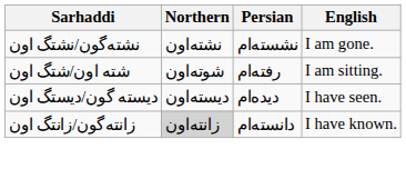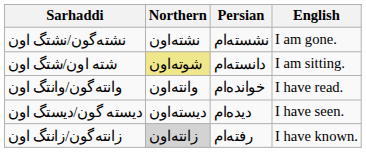 <table class="wikitable">
 <tr>
 <th>Sarhaddi</th>
 <th>Northern</th>
 <th>Persian</th>
 <th>English</th>
 </tr>
 <tr>
 <td>نشته‌گون/نشتگ اون</td>
 <td>نشته‌اون</td>
 <td>نشسته‌ام</td>
 <td>I am gone.</td>
 </tr>
 <tr>
 <td>شته اون/شتگ اون</td>
-<td>شوته‌اون</td>
-<td>رفته‌ام</td>
+<td style="background: khaki;">شوته‌اون</td>
+<td>دانسته‌ام</td>
 <td>I am sitting.</td>
+</tr>
+<tr>
+<td>وانته‌گون/وانتگ اون</td>
+<td>وانته‌اون</td>
+<td>خوانده‌ام</td>
+<td>I have read.</td>
 </tr>
 <tr>
 <td>دیسته گون/دیستگ اون</td>
 <td>دیسته‌اون</td>
 <td>دیده‌ام</td>
 <td>I have seen.</td>
 </tr>
 <tr>
 <td>زانته‌گون/زانتگ اون</td>
 <td style="background: lightgrey;">زانته‌اون</td>
-<td>دانسته‌ام</td>
+<td>رفته‌ام</td>
 <td>I have known.</td>
 </tr>
 </table>
